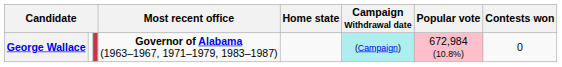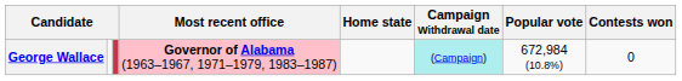 <table class="wikitable sortable" style="text-align:center;">
 <tr>
 <th colspan="3">Candidate</th>
 <th class="unsortable">Most recent office</th>
 <th>Home state</th>
 <th data-sort-type="date">Campaign<br><small>Withdrawal date</small></th>
 <th>Popular vote</th>
 <th>Contests won</th>
 </tr>
 <tr>
 <th scope="row" data-sort-value="Johnson"><a href='#'>George Wallace</a></th>
 <td></td>
 <td style="background:#c13649;"></td>
-<td><strong>Governor of <a href='#'>Alabama</a></strong><br>(1963–1967, 1971–1979, 1983–1987)</td>
+<td style="background: pink;"><strong>Governor of <a href='#'>Alabama</a></strong><br>(1963–1967, 1971–1979, 1983–1987)</td>
 <td></td>
 <td style="background: paleturquoise;"><small>(<a href='#'>Campaign</a>)</small></td>
-<td data-sort-value="672,984" style="background: pink;">672,984<br><small>(10.8%)</small></td>
+<td data-sort-value="672,984">672,984<br><small>(10.8%)</small></td>
 <td data-sort-value="0">0</td>
 </tr>
 </table>
